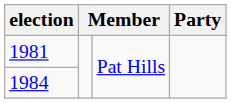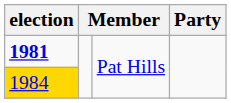 <table class="wikitable">
 <tr>
 <th>election</th>
 <th colspan="2">Member</th>
 <th>Party</th>
 </tr>
 <tr>
-<td><a href='#'>1981</a></td>
+<td><strong><a href='#'>1981</a></strong></td>
 <td rowspan="2" > </td>
 <td rowspan="2"><a href='#'>Pat Hills</a></td>
 <td rowspan="2"></td>
 </tr>
 <tr>
-<td><a href='#'>1984</a></td>
+<td style="background: gold;"><a href='#'>1984</a></td>
 </tr>
 </table>
